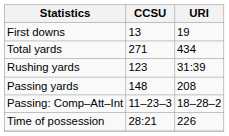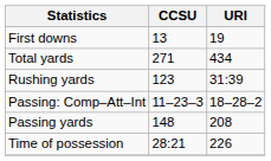 <table class="wikitable" style="float: left;">
 <tr>
 <th>Statistics</th>
 <th>CCSU</th>
 <th>URI</th>
 </tr>
 <tr>
 <td>First downs</td>
 <td>13</td>
 <td>19</td>
 </tr>
 <tr>
 <td>Total yards</td>
 <td>271</td>
 <td>434</td>
 </tr>
 <tr>
 <td>Rushing yards</td>
 <td>123</td>
 <td>31:39</td>
 </tr>
 <tr>
+<td>Passing: Comp–Att–Int</td>
+<td>11–23–3</td>
+<td>18–28–2</td>
+</tr>
+<tr>
 <td>Passing yards</td>
 <td>148</td>
 <td>208</td>
-</tr>
-<tr>
-<td>Passing: Comp–Att–Int</td>
-<td>11–23–3</td>
-<td>18–28–2</td>
 </tr>
 <tr>
 <td>Time of possession</td>
 <td>28:21</td>
 <td>226</td>
 </tr>
 <tr>
 </tr>
 </table>
